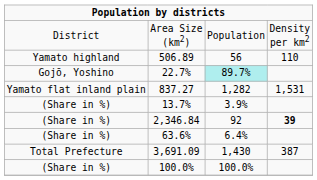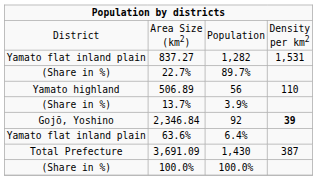 <table class="wikitable" style="float:right; margin-left:20px; text-size:80%; text-align:center">
 <tr>
 <td align=center colspan=4><strong>Population by districts</strong></td>
 </tr>
 <tr>
 <td>District</td>
 <td>Area Size<br>(km<sup>2</sup>)</td>
 <td>Population</td>
 <td>Density<br>per km<sup>2</sup></td>
 </tr>
 <tr>
+<td>Yamato flat inland plain</td>
+<td>837.27</td>
+<td>1,282</td>
+<td>1,531</td>
+</tr>
+<tr>
+<td>(Share in %)</td>
+<td>22.7%</td>
+<td>89.7%</td>
+<td></td>
+</tr>
+<tr>
 <td>Yamato highland</td>
 <td>506.89</td>
 <td>56</td>
 <td>110</td>
-</tr>
-<tr>
-<td>Gojō, Yoshino</td>
-<td>22.7%</td>
-<td style="background: paleturquoise;">89.7%</td>
-<td></td>
-</tr>
-<tr>
-<td>Yamato flat inland plain</td>
-<td>837.27</td>
-<td>1,282</td>
-<td>1,531</td>
 </tr>
 <tr>
 <td>(Share in %)</td>
 <td>13.7%</td>
 <td>3.9%</td>
 <td></td>
 </tr>
 <tr>
-<td>(Share in %)</td>
+<td>Gojō, Yoshino</td>
 <td>2,346.84</td>
 <td>92</td>
 <td><strong>39</strong></td>
 </tr>
 <tr>
-<td>(Share in %)</td>
+<td>Yamato flat inland plain</td>
 <td>63.6%</td>
 <td>6.4%</td>
 <td></td>
 </tr>
 <tr>
 <td>Total Prefecture</td>
 <td>3,691.09</td>
 <td>1,430</td>
 <td>387</td>
 </tr>
 <tr>
 <td>(Share in %)</td>
 <td>100.0%</td>
 <td>100.0%</td>
 <td></td>
 </tr>
 <tr>
 </tr>
 </table>
